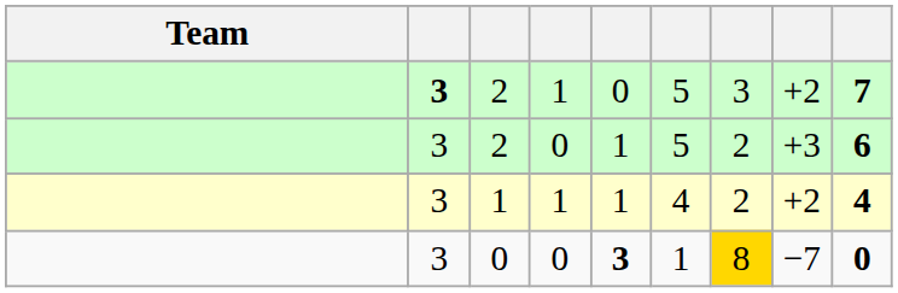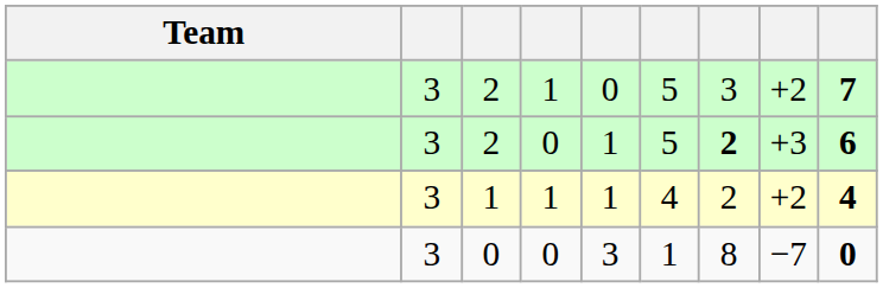 <table class="wikitable" style="text-align: center;">
 <tr>
 <th width="175">Team</th>
 <th width="20"></th>
 <th width="20"></th>
 <th width="20"></th>
 <th width="20"></th>
 <th width="20"></th>
 <th width="20"></th>
 <th width="20"></th>
 <th width="20"></th>
 </tr>
 <tr bgcolor=#ccffcc>
 <td align=left></td>
-<td><strong>3</strong></td>
+<td>3</td>
 <td>2</td>
 <td>1</td>
 <td>0</td>
 <td>5</td>
 <td>3</td>
 <td>+2</td>
 <td><strong>7</strong></td>
 </tr>
 <tr bgcolor=#ccffcc>
 <td align=left></td>
 <td>3</td>
 <td>2</td>
 <td>0</td>
 <td>1</td>
 <td>5</td>
-<td>2</td>
+<td><strong>2</strong></td>
 <td>+3</td>
 <td><strong>6</strong></td>
 </tr>
 <tr bgcolor=#ffffcc>
 <td align=left></td>
 <td>3</td>
 <td>1</td>
 <td>1</td>
 <td>1</td>
 <td>4</td>
 <td>2</td>
 <td>+2</td>
 <td><strong>4</strong></td>
 </tr>
 <tr>
 <td align=left></td>
 <td>3</td>
 <td>0</td>
 <td>0</td>
-<td><strong>3</strong></td>
+<td>3</td>
 <td>1</td>
-<td style="background: gold;">8</td>
+<td>8</td>
 <td>−7</td>
 <td><strong>0</strong></td>
 </tr>
 </table>
